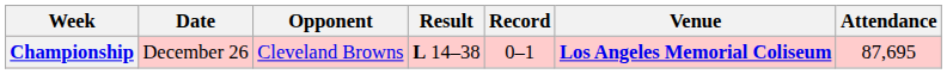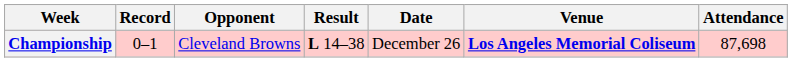 <table class="wikitable" style="text-align:center">
 <tr>
 <th>Week</th>
-<th>Date</th>
+<th>Record</th>
 <th>Opponent</th>
 <th>Result</th>
-<th>Record</th>
+<th>Date</th>
 <th>Venue</th>
 <th>Attendance</th>
 </tr>
 <tr style="background:#fcc">
 <th><a href='#'>Championship</a></th>
-<td>December 26</td>
+<td>0–1</td>
 <td><a href='#'>Cleveland Browns</a></td>
 <td><strong>L</strong> 14–38</td>
-<td>0–1</td>
+<td>December 26</td>
 <td><strong><a href='#'>Los Angeles Memorial Coliseum</a></strong></td>
-<td>87,695</td>
+<td>87,698</td>
 </tr>
 </table>
